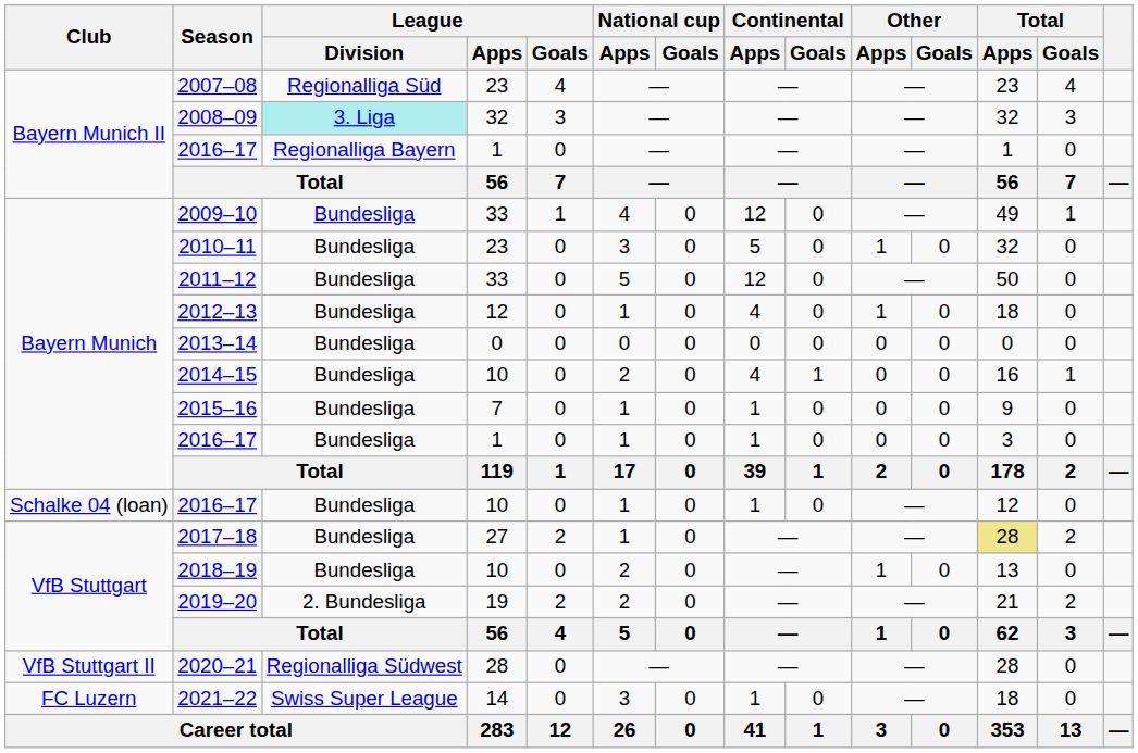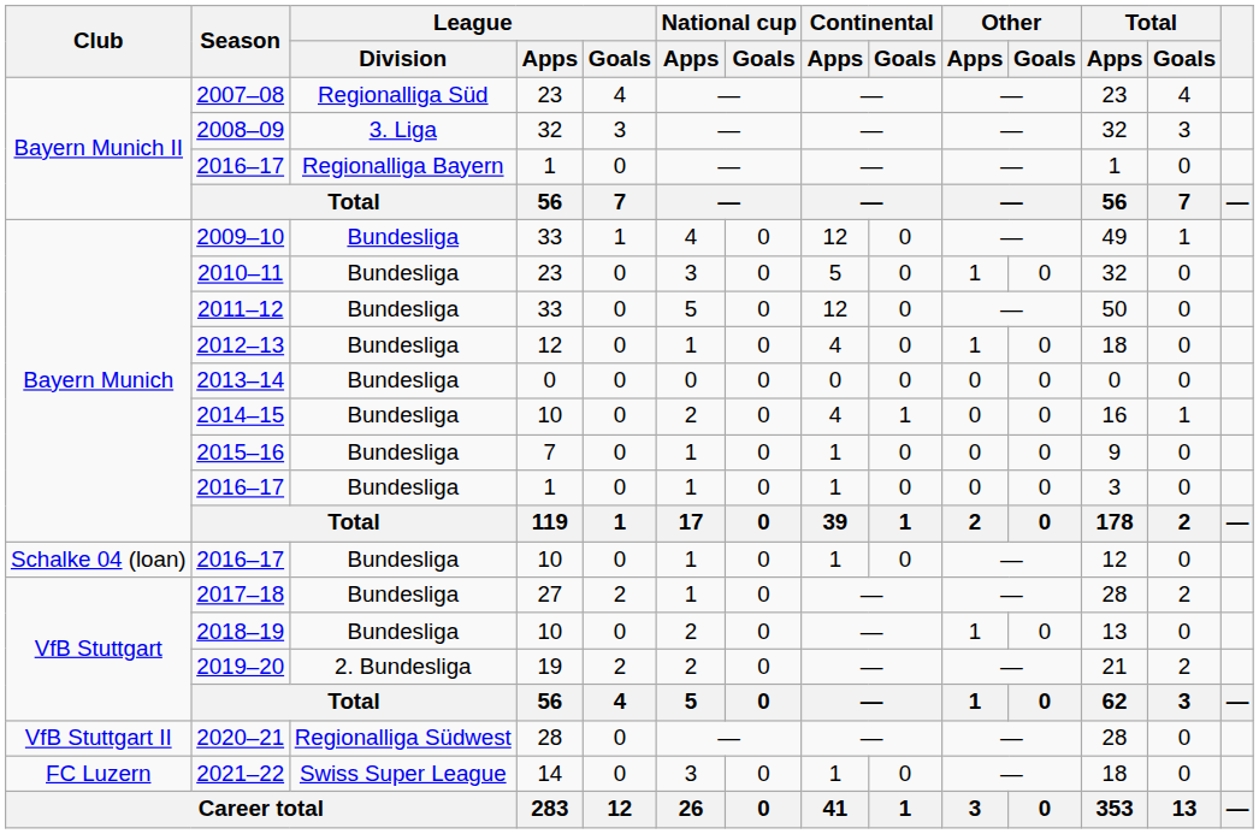 <table class="wikitable" style="text-align:center">
 <tr>
 <th rowspan="2">Club</th>
 <th rowspan="2">Season</th>
 <th colspan="3">League</th>
 <th colspan="2">National cup</th>
 <th colspan="2">Continental</th>
 <th colspan="2">Other</th>
 <th colspan="2">Total</th>
 <th rowspan="2"></th>
 </tr>
 <tr>
 <th>Division</th>
 <th>Apps</th>
 <th>Goals</th>
 <th>Apps</th>
 <th>Goals</th>
 <th>Apps</th>
 <th>Goals</th>
 <th>Apps</th>
 <th>Goals</th>
 <th>Apps</th>
 <th>Goals</th>
 </tr>
 <tr>
 <td rowspan="4"><a href='#'>Bayern Munich II</a></td>
 <td><a href='#'>2007–08</a></td>
 <td><a href='#'>Regionalliga Süd</a></td>
 <td>23</td>
 <td>4</td>
 <td colspan="2">—</td>
 <td colspan="2">—</td>
 <td colspan="2">—</td>
 <td>23</td>
 <td>4</td>
 <td></td>
 </tr>
 <tr>
 <td><a href='#'>2008–09</a></td>
-<td style="background: paleturquoise;"><a href='#'>3. Liga</a></td>
+<td><a href='#'>3. Liga</a></td>
 <td>32</td>
 <td>3</td>
 <td colspan="2">—</td>
 <td colspan="2">—</td>
 <td colspan="2">—</td>
 <td>32</td>
 <td>3</td>
 <td></td>
 </tr>
 <tr>
 <td><a href='#'>2016–17</a></td>
 <td><a href='#'>Regionalliga Bayern</a></td>
 <td>1</td>
 <td>0</td>
 <td colspan="2">—</td>
 <td colspan="2">—</td>
 <td colspan="2">—</td>
 <td>1</td>
 <td>0</td>
 <td></td>
 </tr>
 <tr>
 <th colspan="2">Total</th>
 <th>56</th>
 <th>7</th>
 <th colspan="2">—</th>
 <th colspan="2">—</th>
 <th colspan="2">—</th>
 <th>56</th>
 <th>7</th>
 <th>—</th>
 </tr>
 <tr>
 <td rowspan="9"><a href='#'>Bayern Munich</a></td>
 <td><a href='#'>2009–10</a></td>
 <td><a href='#'>Bundesliga</a></td>
 <td>33</td>
 <td>1</td>
 <td>4</td>
 <td>0</td>
 <td>12</td>
 <td>0</td>
 <td colspan="2">—</td>
 <td>49</td>
 <td>1</td>
 <td></td>
 </tr>
 <tr>
 <td><a href='#'>2010–11</a></td>
 <td>Bundesliga</td>
 <td>23</td>
 <td>0</td>
 <td>3</td>
 <td>0</td>
 <td>5</td>
 <td>0</td>
 <td>1</td>
 <td>0</td>
 <td>32</td>
 <td>0</td>
 <td></td>
 </tr>
 <tr>
 <td><a href='#'>2011–12</a></td>
 <td>Bundesliga</td>
 <td>33</td>
 <td>0</td>
 <td>5</td>
 <td>0</td>
 <td>12</td>
 <td>0</td>
 <td colspan="2">—</td>
 <td>50</td>
 <td>0</td>
 <td></td>
 </tr>
 <tr>
 <td><a href='#'>2012–13</a></td>
 <td>Bundesliga</td>
 <td>12</td>
 <td>0</td>
 <td>1</td>
 <td>0</td>
 <td>4</td>
 <td>0</td>
 <td>1</td>
 <td>0</td>
 <td>18</td>
 <td>0</td>
 <td></td>
 </tr>
 <tr>
 <td><a href='#'>2013–14</a></td>
 <td>Bundesliga</td>
 <td>0</td>
 <td>0</td>
 <td>0</td>
 <td>0</td>
 <td>0</td>
 <td>0</td>
 <td>0</td>
 <td>0</td>
 <td>0</td>
 <td>0</td>
 <td></td>
 </tr>
 <tr>
 <td><a href='#'>2014–15</a></td>
 <td>Bundesliga</td>
 <td>10</td>
 <td>0</td>
 <td>2</td>
 <td>0</td>
 <td>4</td>
 <td>1</td>
 <td>0</td>
 <td>0</td>
 <td>16</td>
 <td>1</td>
 <td></td>
 </tr>
 <tr>
 <td><a href='#'>2015–16</a></td>
 <td>Bundesliga</td>
 <td>7</td>
 <td>0</td>
 <td>1</td>
 <td>0</td>
 <td>1</td>
 <td>0</td>
 <td>0</td>
 <td>0</td>
 <td>9</td>
 <td>0</td>
 <td></td>
 </tr>
 <tr>
 <td><a href='#'>2016–17</a></td>
 <td>Bundesliga</td>
 <td>1</td>
 <td>0</td>
 <td>1</td>
 <td>0</td>
 <td>1</td>
 <td>0</td>
 <td>0</td>
 <td>0</td>
 <td>3</td>
 <td>0</td>
 <td></td>
 </tr>
 <tr>
 <th colspan="2">Total</th>
 <th>119</th>
 <th>1</th>
 <th>17</th>
 <th>0</th>
 <th>39</th>
 <th>1</th>
 <th>2</th>
 <th>0</th>
 <th>178</th>
 <th>2</th>
 <th>—</th>
 </tr>
 <tr>
 <td><a href='#'>Schalke 04</a> (loan)</td>
 <td><a href='#'>2016–17</a></td>
 <td>Bundesliga</td>
 <td>10</td>
 <td>0</td>
 <td>1</td>
 <td>0</td>
 <td>1</td>
 <td>0</td>
 <td colspan="2">—</td>
 <td>12</td>
 <td>0</td>
 <td></td>
 </tr>
 <tr>
 <td rowspan="4"><a href='#'>VfB Stuttgart</a></td>
 <td><a href='#'>2017–18</a></td>
 <td>Bundesliga</td>
 <td>27</td>
 <td>2</td>
 <td>1</td>
 <td>0</td>
 <td colspan="2">—</td>
 <td colspan="2">—</td>
-<td style="background: khaki;">28</td>
+<td>28</td>
 <td>2</td>
 <td></td>
 </tr>
 <tr>
 <td><a href='#'>2018–19</a></td>
 <td>Bundesliga</td>
 <td>10</td>
 <td>0</td>
 <td>2</td>
 <td>0</td>
 <td colspan="2">—</td>
 <td>1</td>
 <td>0</td>
 <td>13</td>
 <td>0</td>
 <td></td>
 </tr>
 <tr>
 <td><a href='#'>2019–20</a></td>
 <td>2. Bundesliga</td>
 <td>19</td>
 <td>2</td>
 <td>2</td>
 <td>0</td>
 <td colspan="2">—</td>
 <td colspan="2">—</td>
 <td>21</td>
 <td>2</td>
 <td></td>
 </tr>
 <tr>
 <th colspan="2">Total</th>
 <th>56</th>
 <th>4</th>
 <th>5</th>
 <th>0</th>
 <th colspan="2">—</th>
 <th>1</th>
 <th>0</th>
 <th>62</th>
 <th>3</th>
 <th>—</th>
 </tr>
 <tr>
 <td><a href='#'>VfB Stuttgart II</a></td>
 <td><a href='#'>2020–21</a></td>
 <td><a href='#'>Regionalliga Südwest</a></td>
 <td>28</td>
 <td>0</td>
 <td colspan="2">—</td>
 <td colspan="2">—</td>
 <td colspan="2">—</td>
 <td>28</td>
 <td>0</td>
 <td></td>
 </tr>
 <tr>
 <td><a href='#'>FC Luzern</a></td>
 <td><a href='#'>2021–22</a></td>
 <td><a href='#'>Swiss Super League</a></td>
 <td>14</td>
 <td>0</td>
 <td>3</td>
 <td>0</td>
 <td>1</td>
 <td>0</td>
 <td colspan="2">—</td>
 <td>18</td>
 <td>0</td>
 <td></td>
 </tr>
 <tr>
 <th colspan="3">Career total</th>
 <th>283</th>
 <th>12</th>
 <th>26</th>
 <th>0</th>
 <th>41</th>
 <th>1</th>
 <th>3</th>
 <th>0</th>
 <th>353</th>
 <th>13</th>
 <th>—</th>
 </tr>
 </table>
